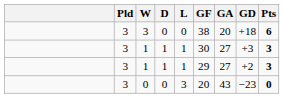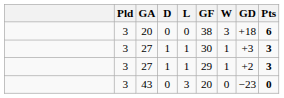 <table class="wikitable" style="text-align:center;">
 <tr>
 <th width=150></th>
 <th width=20>Pld</th>
-<th width=20>W</th>
+<th width=20>GA</th>
 <th width=20>D</th>
 <th width=20>L</th>
 <th width=20>GF</th>
-<th width=20>GA</th>
+<th width=20>W</th>
 <th width=20>GD</th>
 <th width=20>Pts</th>
 </tr>
 <tr>
 <td align="left"></td>
 <td>3</td>
-<td>3</td>
+<td>20</td>
 <td>0</td>
 <td>0</td>
 <td>38</td>
-<td>20</td>
+<td>3</td>
 <td>+18</td>
 <td><strong>6</strong></td>
 </tr>
 <tr>
 <td align="left"></td>
 <td>3</td>
-<td>1</td>
+<td>27</td>
 <td>1</td>
 <td>1</td>
 <td>30</td>
-<td>27</td>
+<td>1</td>
 <td>+3</td>
 <td><strong>3</strong></td>
 </tr>
 <tr>
 <td align="left"></td>
 <td>3</td>
-<td>1</td>
+<td>27</td>
 <td>1</td>
 <td>1</td>
 <td>29</td>
-<td>27</td>
+<td>1</td>
 <td>+2</td>
 <td><strong>3</strong></td>
 </tr>
 <tr>
 <td align="left"></td>
 <td>3</td>
-<td>0</td>
+<td>43</td>
 <td>0</td>
 <td>3</td>
 <td>20</td>
-<td>43</td>
+<td>0</td>
 <td>−23</td>
 <td><strong>0</strong></td>
 </tr>
 </table>
